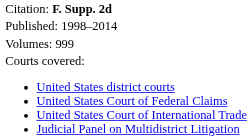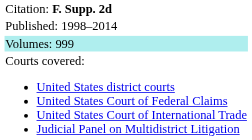 <table border=0>
 <tr>
 <td>Citation: <strong>F. Supp. 2d</strong></td>
 </tr>
 <tr>
 <td>Published: 1998–2014</td>
 </tr>
 <tr>
-<td>Volumes: 999</td>
+<td style="background: paleturquoise;">Volumes: 999</td>
 </tr>
 <tr>
 <td>Courts covered:<br><ul><li><a href='#'>United States district courts</a></li><li><a href='#'>United States Court of Federal Claims</a></li><li><a href='#'>United States Court of International Trade</a></li><li><a href='#'>Judicial Panel on Multidistrict Litigation</a></li></ul></td>
 </tr>
 </table>
